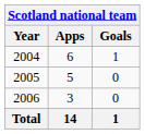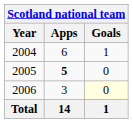 <table class="wikitable" style="text-align:center">
 <tr>
 <th colspan=3><a href='#'>Scotland national team</a></th>
 </tr>
 <tr>
 <th>Year</th>
 <th>Apps</th>
 <th>Goals</th>
 </tr>
 <tr>
 <td>2004</td>
 <td>6</td>
 <td>1</td>
 </tr>
 <tr>
 <td>2005</td>
-<td>5</td>
+<td><strong>5</strong></td>
 <td>0</td>
 </tr>
 <tr>
 <td>2006</td>
 <td>3</td>
-<td>0</td>
+<td style="background: lightyellow;">0</td>
 </tr>
 <tr>
 <th>Total</th>
 <th>14</th>
 <th>1</th>
 </tr>
 </table>
